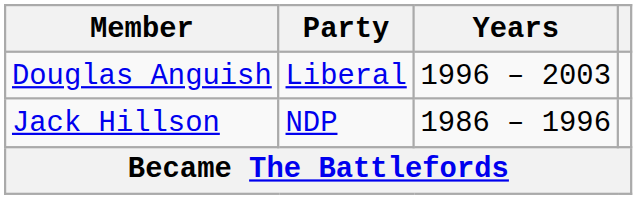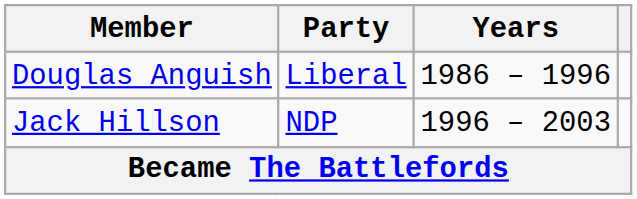 <table class="wikitable">
 <tr>
 <th>Member</th>
 <th>Party</th>
 <th>Years</th>
 <th></th>
 </tr>
 <tr>
 <td><a href='#'>Douglas Anguish</a></td>
 <td><a href='#'>Liberal</a></td>
-<td>1996 – 2003</td>
+<td>1986 – 1996</td>
 <td></td>
 </tr>
 <tr>
 <td><a href='#'>Jack Hillson</a></td>
 <td><a href='#'>NDP</a></td>
-<td>1986 – 1996</td>
+<td>1996 – 2003</td>
 <td></td>
 </tr>
 <tr>
 <th colspan="4">Became <a href='#'>The Battlefords</a></th>
 </tr>
 </table>
